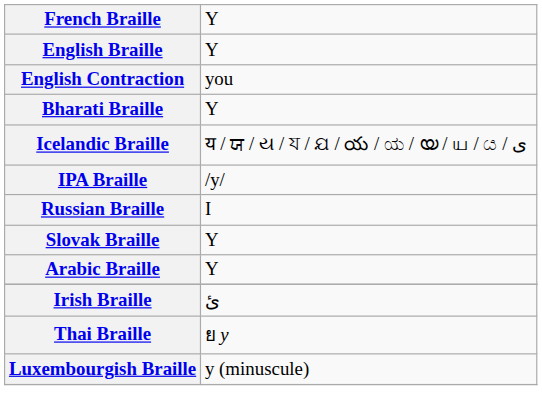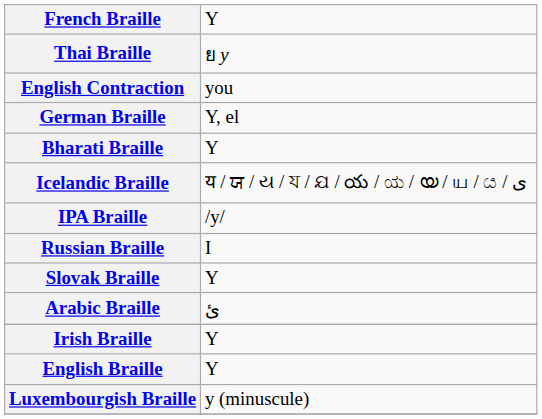 <table class="wikitable">
 <tr>
 <th align=left><a href='#'>French Braille</a></th>
 <td>Y</td>
 </tr>
 <tr>
-<th align=left><a href='#'>English Braille</a></th>
-<td>Y</td>
+<th align=left><a href='#'>Thai Braille</a></th>
+<td>ย <em>y</em></td>
 </tr>
 <tr>
 <th align=left><a href='#'>English Contraction</a></th>
 <td>you</td>
+</tr>
+<tr>
+<th align=left><a href='#'>German Braille</a></th>
+<td>Y, el</td>
 </tr>
 <tr>
 <th align=left><a href='#'>Bharati Braille</a></th>
 <td>Y</td>
 </tr>
 <tr>
 <th align=left><a href='#'>Icelandic Braille</a></th>
 <td>य / ਯ / ય / য / ଯ / య / ಯ / യ / ய / ය / ی ‎</td>
 </tr>
 <tr>
 <th align=left><a href='#'>IPA Braille</a></th>
 <td>/y/</td>
 </tr>
 <tr>
 <th align=left><a href='#'>Russian Braille</a></th>
 <td>I</td>
 </tr>
 <tr>
 <th align=left><a href='#'>Slovak Braille</a></th>
 <td>Y</td>
 </tr>
 <tr>
 <th align=left><a href='#'>Arabic Braille</a></th>
-<td>Y</td>
+<td>ئ</td>
 </tr>
 <tr>
 </tr>
 <tr>
 <th align=left><a href='#'>Irish Braille</a></th>
-<td>ئ</td>
+<td>Y</td>
 </tr>
 <tr>
-<th align=left><a href='#'>Thai Braille</a></th>
-<td>ย <em>y</em></td>
+<th align=left><a href='#'>English Braille</a></th>
+<td>Y</td>
 </tr>
 <tr>
 <th align=left><a href='#'>Luxembourgish Braille</a></th>
 <td>y (minuscule)</td>
 </tr>
 <tr>
 </tr>
 </table>
